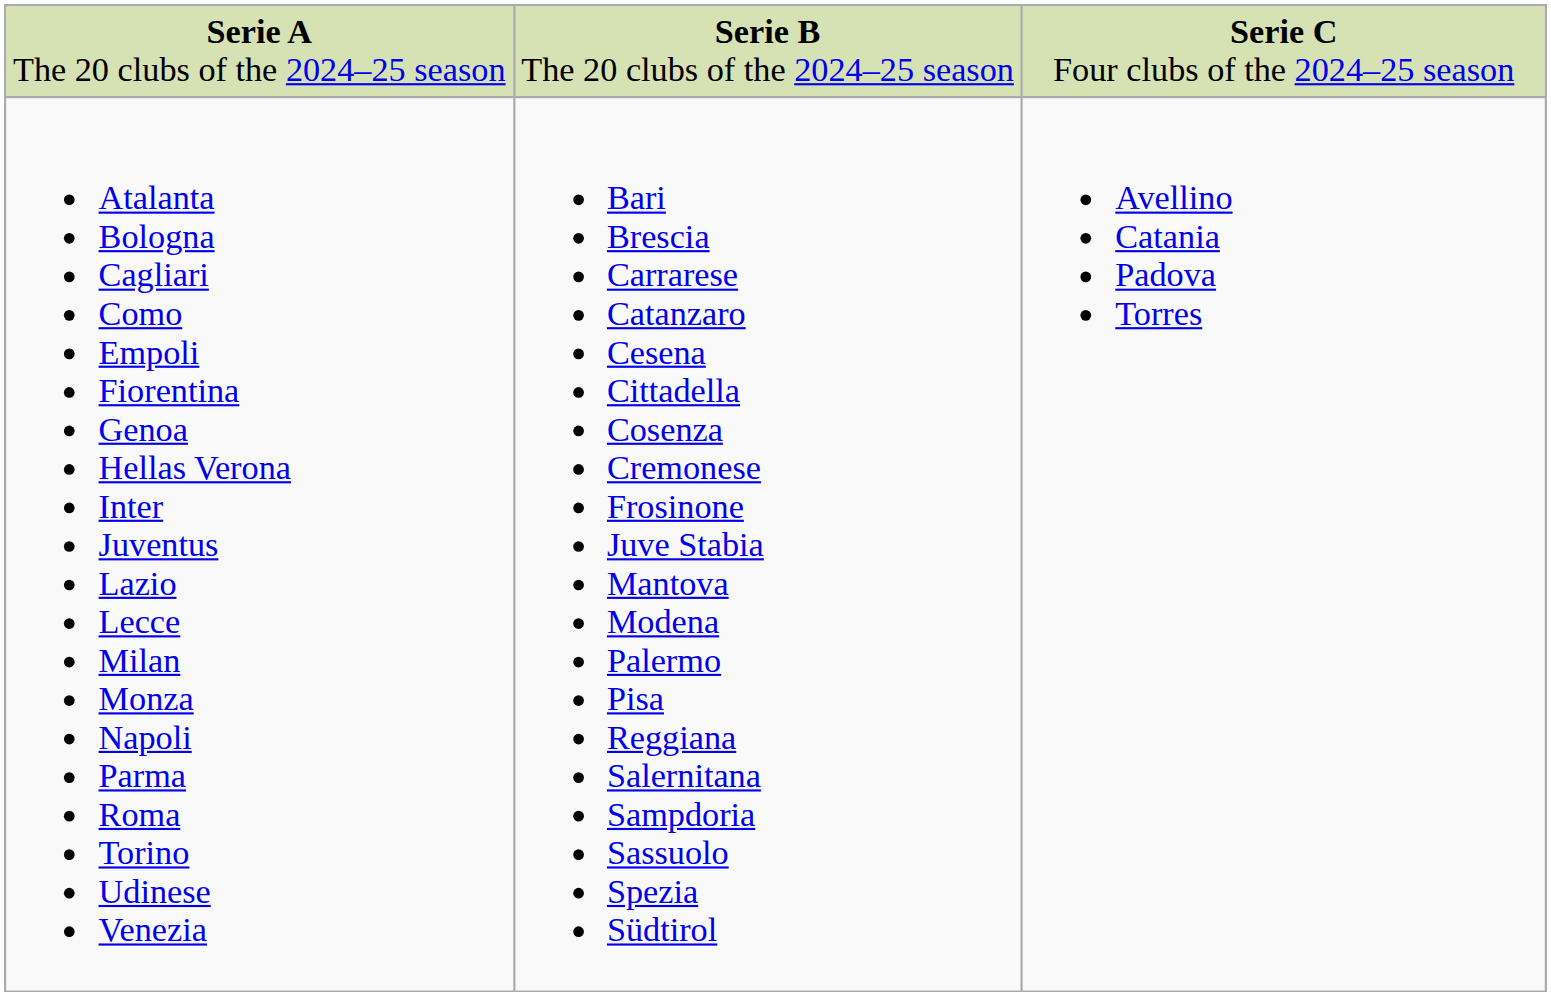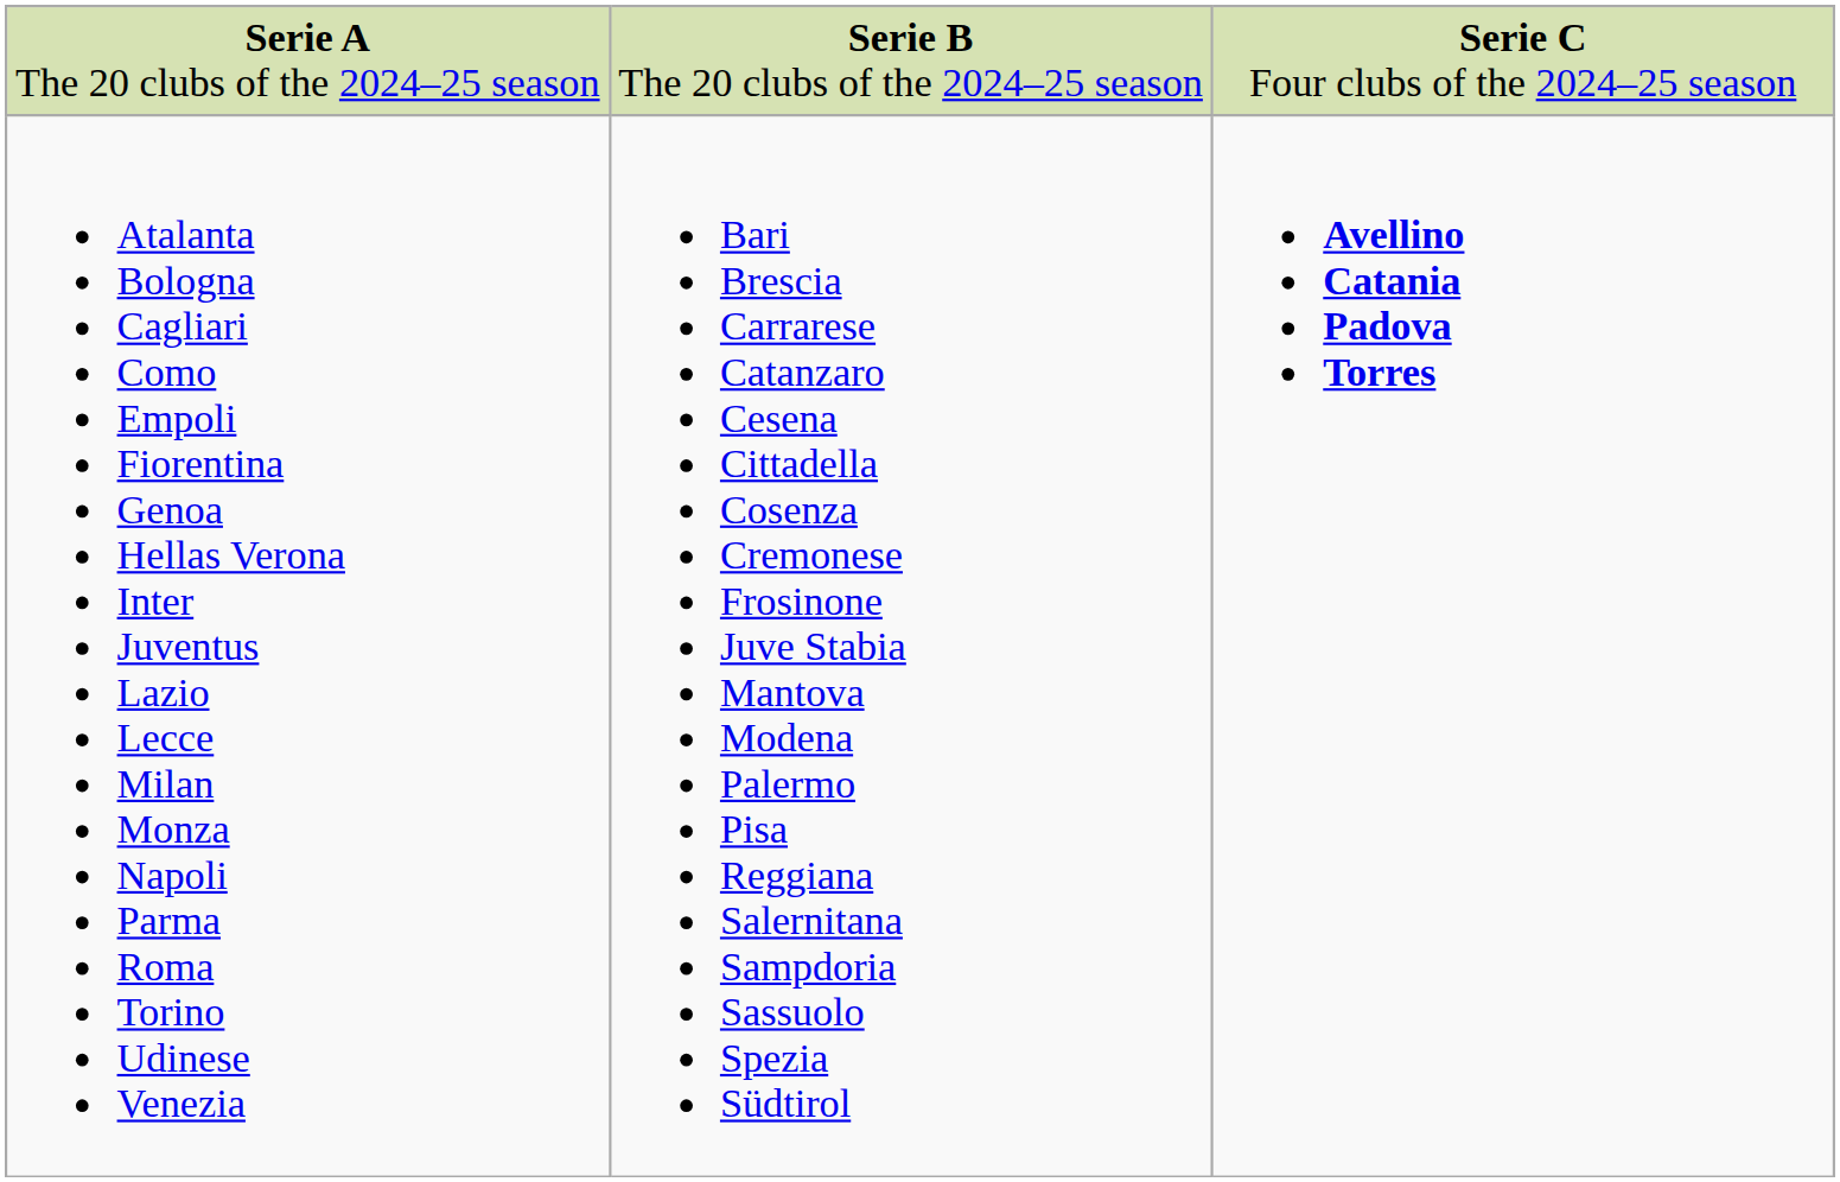 <table class="wikitable">
 <tr style="background:#D6E2B3; text-align:center; vertical-align:top;">
 <td style="width:33%"><strong>Serie A</strong><br>The 20 clubs of the <a href='#'>2024–25 season</a></td>
 <td style="width:33%"><strong>Serie B</strong><br>The 20 clubs of the <a href='#'>2024–25 season</a></td>
 <td style="width:34%"><strong>Serie C</strong><br>Four clubs of the <a href='#'>2024–25 season</a></td>
 </tr>
 <tr style="vertical-align:top">
 <td><br><ul><li><a href='#'>Atalanta</a></li><li><a href='#'>Bologna</a></li><li><a href='#'>Cagliari</a></li><li><a href='#'>Como</a></li><li><a href='#'>Empoli</a></li><li><a href='#'>Fiorentina</a></li><li><a href='#'>Genoa</a></li><li><a href='#'>Hellas Verona</a></li><li><a href='#'>Inter</a></li><li><a href='#'>Juventus</a></li><li><a href='#'>Lazio</a></li><li><a href='#'>Lecce</a></li><li><a href='#'>Milan</a></li><li><a href='#'>Monza</a></li><li><a href='#'>Napoli</a></li><li><a href='#'>Parma</a></li><li><a href='#'>Roma</a></li><li><a href='#'>Torino</a></li><li><a href='#'>Udinese</a></li><li><a href='#'>Venezia</a></li></ul></td>
 <td><br><ul><li><a href='#'>Bari</a></li><li><a href='#'>Brescia</a></li><li><a href='#'>Carrarese</a></li><li><a href='#'>Catanzaro</a></li><li><a href='#'>Cesena</a></li><li><a href='#'>Cittadella</a></li><li><a href='#'>Cosenza</a></li><li><a href='#'>Cremonese</a></li><li><a href='#'>Frosinone</a></li><li><a href='#'>Juve Stabia</a></li><li><a href='#'>Mantova</a></li><li><a href='#'>Modena</a></li><li><a href='#'>Palermo</a></li><li><a href='#'>Pisa</a></li><li><a href='#'>Reggiana</a></li><li><a href='#'>Salernitana</a></li><li><a href='#'>Sampdoria</a></li><li><a href='#'>Sassuolo</a></li><li><a href='#'>Spezia</a></li><li><a href='#'>Südtirol</a></li></ul></td>
-<td><br><ul><li><a href='#'>Avellino</a></li><li><a href='#'>Catania</a></li><li><a href='#'>Padova</a></li><li><a href='#'>Torres</a></li></ul></td>
+<td><strong><br><ul><li><a href='#'>Avellino</a></li><li><a href='#'>Catania</a></li><li><a href='#'>Padova</a></li><li><a href='#'>Torres</a></li></ul></strong></td>
 </tr>
 </table>
